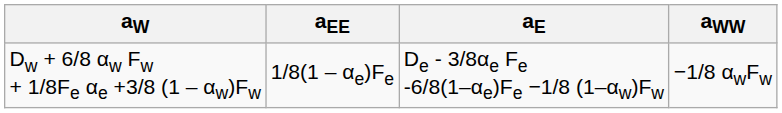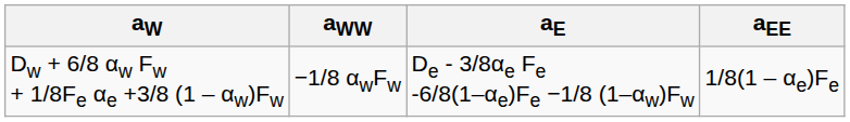 <table class="wikitable">
 <tr>
 <th>a<sub>W</sub></th>
+<th>a<sub>WW</sub></th>
+<th>a<sub>E</sub></th>
 <th>a<sub>EE</sub></th>
-<th>a<sub>E</sub></th>
-<th>a<sub>WW</sub></th>
 </tr>
 <tr>
 <td>D<sub>w</sub> + 6/8 α<sub>w</sub> F<sub>w</sub><br>+ 1/8F<sub>e</sub> α<sub>e</sub>  +3/8 (1 – α<sub>w</sub>)F<sub>w</sub></td>
+<td>−1/8 α<sub>w</sub>F<sub>w</sub></td>
+<td>D<sub>e</sub> - 3/8α<sub>e</sub> F<sub>e</sub><br>-6/8(1–α<sub>e</sub>)F<sub>e</sub> −1/8 (1–α<sub>w</sub>)F<sub>w</sub></td>
 <td>1/8(1 – α<sub>e</sub>)F<sub>e</sub></td>
-<td>D<sub>e</sub> - 3/8α<sub>e</sub> F<sub>e</sub><br>-6/8(1–α<sub>e</sub>)F<sub>e</sub> −1/8 (1–α<sub>w</sub>)F<sub>w</sub></td>
-<td>−1/8 α<sub>w</sub>F<sub>w</sub></td>
 </tr>
 </table>
